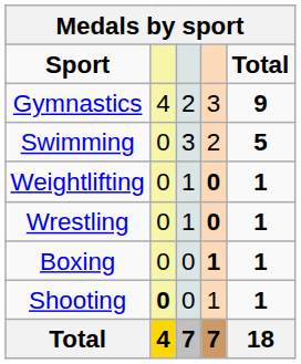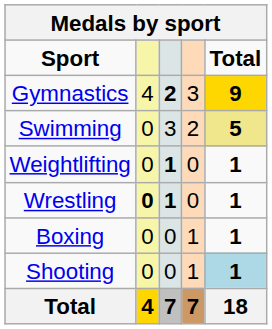 <table class=wikitable style="font-size:95%; float:right">
 <tr bgcolor=efefef>
 <th colspan=7><strong>Medals by sport</strong></th>
 </tr>
 <tr align=center>
 <td><strong>Sport</strong></td>
 <td bgcolor=f7f6a8></td>
 <td bgcolor=dce5e5></td>
 <td bgcolor=ffdab9></td>
 <td><strong>Total</strong></td>
 </tr>
 <tr align=center>
 <td><a href='#'>Gymnastics</a></td>
 <td style="background:#F7F6A8;">4</td>
-<td style="background:#DCE5E5;">2</td>
+<td style="background:#DCE5E5;"><strong>2</strong></td>
 <td style="background:#FFDAB9;">3</td>
-<td><strong>9</strong></td>
+<td style="background: gold;"><strong>9</strong></td>
 </tr>
 <tr align=center>
 <td><a href='#'>Swimming</a></td>
 <td style="background:#F7F6A8;">0</td>
 <td style="background:#DCE5E5;">3</td>
 <td style="background:#FFDAB9;">2</td>
-<td><strong>5</strong></td>
+<td style="background: khaki;"><strong>5</strong></td>
 </tr>
 <tr align=center>
 <td><a href='#'>Weightlifting</a></td>
 <td style="background:#F7F6A8;">0</td>
-<td style="background:#DCE5E5;">1</td>
-<td style="background:#FFDAB9;"><strong>0</strong></td>
+<td style="background:#DCE5E5;"><strong>1</strong></td>
+<td style="background:#FFDAB9;">0</td>
 <td><strong>1</strong></td>
 </tr>
 <tr align=center>
 <td><a href='#'>Wrestling</a></td>
-<td style="background:#F7F6A8;">0</td>
-<td style="background:#DCE5E5;">1</td>
-<td style="background:#FFDAB9;"><strong>0</strong></td>
+<td style="background:#F7F6A8;"><strong>0</strong></td>
+<td style="background:#DCE5E5;"><strong>1</strong></td>
+<td style="background:#FFDAB9;">0</td>
 <td><strong>1</strong></td>
 </tr>
 <tr align=center>
 <td><a href='#'>Boxing</a></td>
 <td style="background:#F7F6A8;">0</td>
 <td style="background:#DCE5E5;">0</td>
-<td style="background:#FFDAB9;"><strong>1</strong></td>
+<td style="background:#FFDAB9;">1</td>
 <td><strong>1</strong></td>
 </tr>
 <tr align=center>
 <td><a href='#'>Shooting</a></td>
-<td style="background:#F7F6A8;"><strong>0</strong></td>
+<td style="background:#F7F6A8;">0</td>
 <td style="background:#DCE5E5;">0</td>
 <td style="background:#FFDAB9;">1</td>
-<td><strong>1</strong></td>
+<td style="background: lightblue;"><strong>1</strong></td>
 </tr>
 <tr align=center>
 <th>Total</th>
 <th style="background:gold">4</th>
 <th style="background:silver">7</th>
 <th style="background:#c96">7</th>
 <th>18</th>
 </tr>
 </table>
